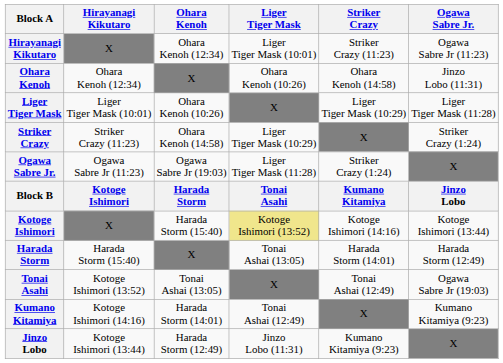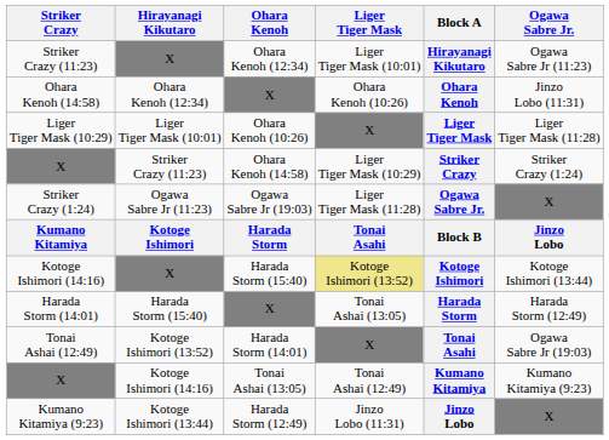 <table class="wikitable" style="margin: 1em auto 1em auto">
 <tr>
-<th>Block A</th>
+<th><a href='#'>Striker</a><br><a href='#'>Crazy</a></th>
 <th><a href='#'>Hirayanagi</a><br><a href='#'>Kikutaro</a></th>
 <th><a href='#'>Ohara</a><br><a href='#'>Kenoh</a></th>
 <th><a href='#'>Liger</a><br><a href='#'>Tiger Mask</a></th>
-<th><a href='#'>Striker</a><br><a href='#'>Crazy</a></th>
+<th>Block A</th>
 <th><a href='#'>Ogawa</a><br><a href='#'>Sabre Jr.</a></th>
 </tr>
 <tr align="center">
-<th><a href='#'>Hirayanagi</a><br><a href='#'>Kikutaro</a></th>
+<td>Striker<br>Crazy (11:23)</td>
 <td bgcolor=Grey>X</td>
 <td>Ohara<br>Kenoh (12:34)</td>
 <td>Liger<br>Tiger Mask (10:01)</td>
-<td>Striker<br>Crazy (11:23)</td>
+<th><a href='#'>Hirayanagi</a><br><a href='#'>Kikutaro</a></th>
 <td>Ogawa<br>Sabre Jr (11:23)</td>
 </tr>
 <tr align="center">
-<th><a href='#'>Ohara</a><br><a href='#'>Kenoh</a></th>
+<td>Ohara<br>Kenoh (14:58)</td>
 <td>Ohara<br>Kenoh (12:34)</td>
 <td bgcolor=Grey>X</td>
 <td>Ohara<br>Kenoh (10:26)</td>
-<td>Ohara<br>Kenoh (14:58)</td>
+<th><a href='#'>Ohara</a><br><a href='#'>Kenoh</a></th>
 <td>Jinzo<br>Lobo (11:31)</td>
 </tr>
 <tr align="center">
-<th><a href='#'>Liger</a><br><a href='#'>Tiger Mask</a></th>
+<td>Liger<br>Tiger Mask (10:29)</td>
 <td>Liger<br>Tiger Mask (10:01)</td>
 <td>Ohara<br>Kenoh (10:26)</td>
 <td bgcolor=Grey>X</td>
-<td>Liger<br>Tiger Mask (10:29)</td>
+<th><a href='#'>Liger</a><br><a href='#'>Tiger Mask</a></th>
 <td>Liger<br>Tiger Mask (11:28)</td>
 </tr>
 <tr align="center">
-<th><a href='#'>Striker</a><br><a href='#'>Crazy</a></th>
+<td bgcolor=Grey>X</td>
 <td>Striker<br>Crazy (11:23)</td>
 <td>Ohara<br>Kenoh (14:58)</td>
 <td>Liger<br>Tiger Mask (10:29)</td>
-<td bgcolor=Grey>X</td>
+<th><a href='#'>Striker</a><br><a href='#'>Crazy</a></th>
 <td>Striker<br>Crazy (1:24)</td>
 </tr>
 <tr align="center">
-<th><a href='#'>Ogawa</a><br><a href='#'>Sabre Jr.</a></th>
+<td>Striker<br>Crazy (1:24)</td>
 <td>Ogawa<br>Sabre Jr (11:23)</td>
 <td>Ogawa<br>Sabre Jr (19:03)</td>
 <td>Liger<br>Tiger Mask (11:28)</td>
-<td>Striker<br>Crazy (1:24)</td>
+<th><a href='#'>Ogawa</a><br><a href='#'>Sabre Jr.</a></th>
 <td bgcolor=grey>X</td>
 </tr>
 <tr align="center">
-<th>Block B</th>
+<th><a href='#'>Kumano</a><br><a href='#'>Kitamiya</a></th>
 <th><a href='#'>Kotoge</a><br><a href='#'>Ishimori</a></th>
 <th><a href='#'>Harada</a><br><a href='#'>Storm</a></th>
 <th><a href='#'>Tonai</a><br><a href='#'>Asahi</a></th>
-<th><a href='#'>Kumano</a><br><a href='#'>Kitamiya</a></th>
+<th>Block B</th>
 <th><a href='#'>Jinzo</a><br>Lobo</th>
 </tr>
 <tr align="center">
-<th><a href='#'>Kotoge</a><br><a href='#'>Ishimori</a></th>
+<td>Kotoge<br>Ishimori (14:16)</td>
 <td bgcolor=Grey>X</td>
 <td>Harada<br>Storm (15:40)</td>
 <td style="background: khaki;">Kotoge<br>Ishimori (13:52)</td>
-<td>Kotoge<br>Ishimori (14:16)</td>
+<th><a href='#'>Kotoge</a><br><a href='#'>Ishimori</a></th>
 <td>Kotoge<br>Ishimori (13:44)</td>
 </tr>
 <tr align="center">
-<th><a href='#'>Harada</a><br><a href='#'>Storm</a></th>
+<td>Harada<br>Storm (14:01)</td>
 <td>Harada<br>Storm (15:40)</td>
 <td bgcolor=Grey>X</td>
 <td>Tonai<br>Ashai (13:05)</td>
-<td>Harada<br>Storm (14:01)</td>
+<th><a href='#'>Harada</a><br><a href='#'>Storm</a></th>
 <td>Harada<br>Storm (12:49)</td>
 </tr>
 <tr align="center">
+<td>Tonai<br>Ashai (12:49)</td>
+<td>Kotoge<br>Ishimori (13:52)</td>
+<td>Harada<br>Storm (14:01)</td>
+<td bgcolor=Grey>X</td>
 <th><a href='#'>Tonai</a><br><a href='#'>Asahi</a></th>
-<td>Kotoge<br>Ishimori (13:52)</td>
-<td>Tonai<br>Ashai (13:05)</td>
-<td bgcolor=Grey>X</td>
-<td>Tonai<br>Ashai (12:49)</td>
 <td>Ogawa<br>Sabre Jr (19:03)</td>
 </tr>
 <tr align="center">
+<td bgcolor=Grey>X</td>
+<td>Kotoge<br>Ishimori (14:16)</td>
+<td>Tonai<br>Ashai (13:05)</td>
+<td>Tonai<br>Ashai (12:49)</td>
 <th><a href='#'>Kumano</a><br><a href='#'>Kitamiya</a></th>
-<td>Kotoge<br>Ishimori (14:16)</td>
-<td>Harada<br>Storm (14:01)</td>
-<td>Tonai<br>Ashai (12:49)</td>
-<td bgcolor=Grey>X</td>
 <td>Kumano<br>Kitamiya (9:23)</td>
 </tr>
 <tr align="center">
-<th><a href='#'>Jinzo</a><br>Lobo</th>
+<td>Kumano<br>Kitamiya (9:23)</td>
 <td>Kotoge<br>Ishimori (13:44)</td>
 <td>Harada<br>Storm (12:49)</td>
 <td>Jinzo<br>Lobo (11:31)</td>
-<td>Kumano<br>Kitamiya (9:23)</td>
+<th><a href='#'>Jinzo</a><br>Lobo</th>
 <td bgcolor=Grey>X</td>
 </tr>
 </table>
